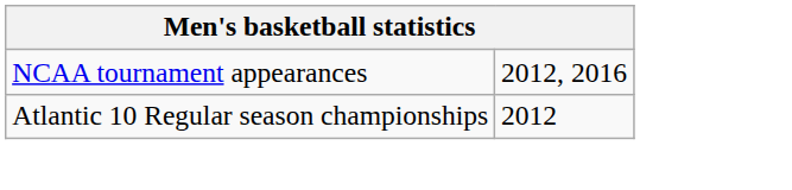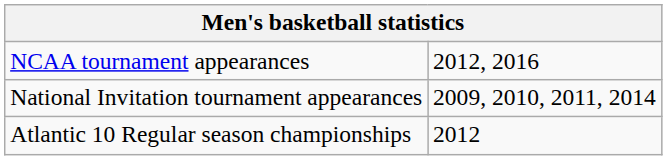 <table class="wikitable"; style= "text-align: ; width:%">
 <tr>
 <th colspan=2>Men's basketball statistics</th>
 </tr>
 <tr>
 <td><a href='#'>NCAA tournament</a> appearances</td>
 <td>2012, 2016</td>
 </tr>
 <tr>
+<td>National Invitation tournament appearances</td>
+<td>2009, 2010, 2011, 2014</td>
+</tr>
+<tr>
 <td>Atlantic 10 Regular season championships</td>
 <td>2012</td>
 </tr>
 </table>
